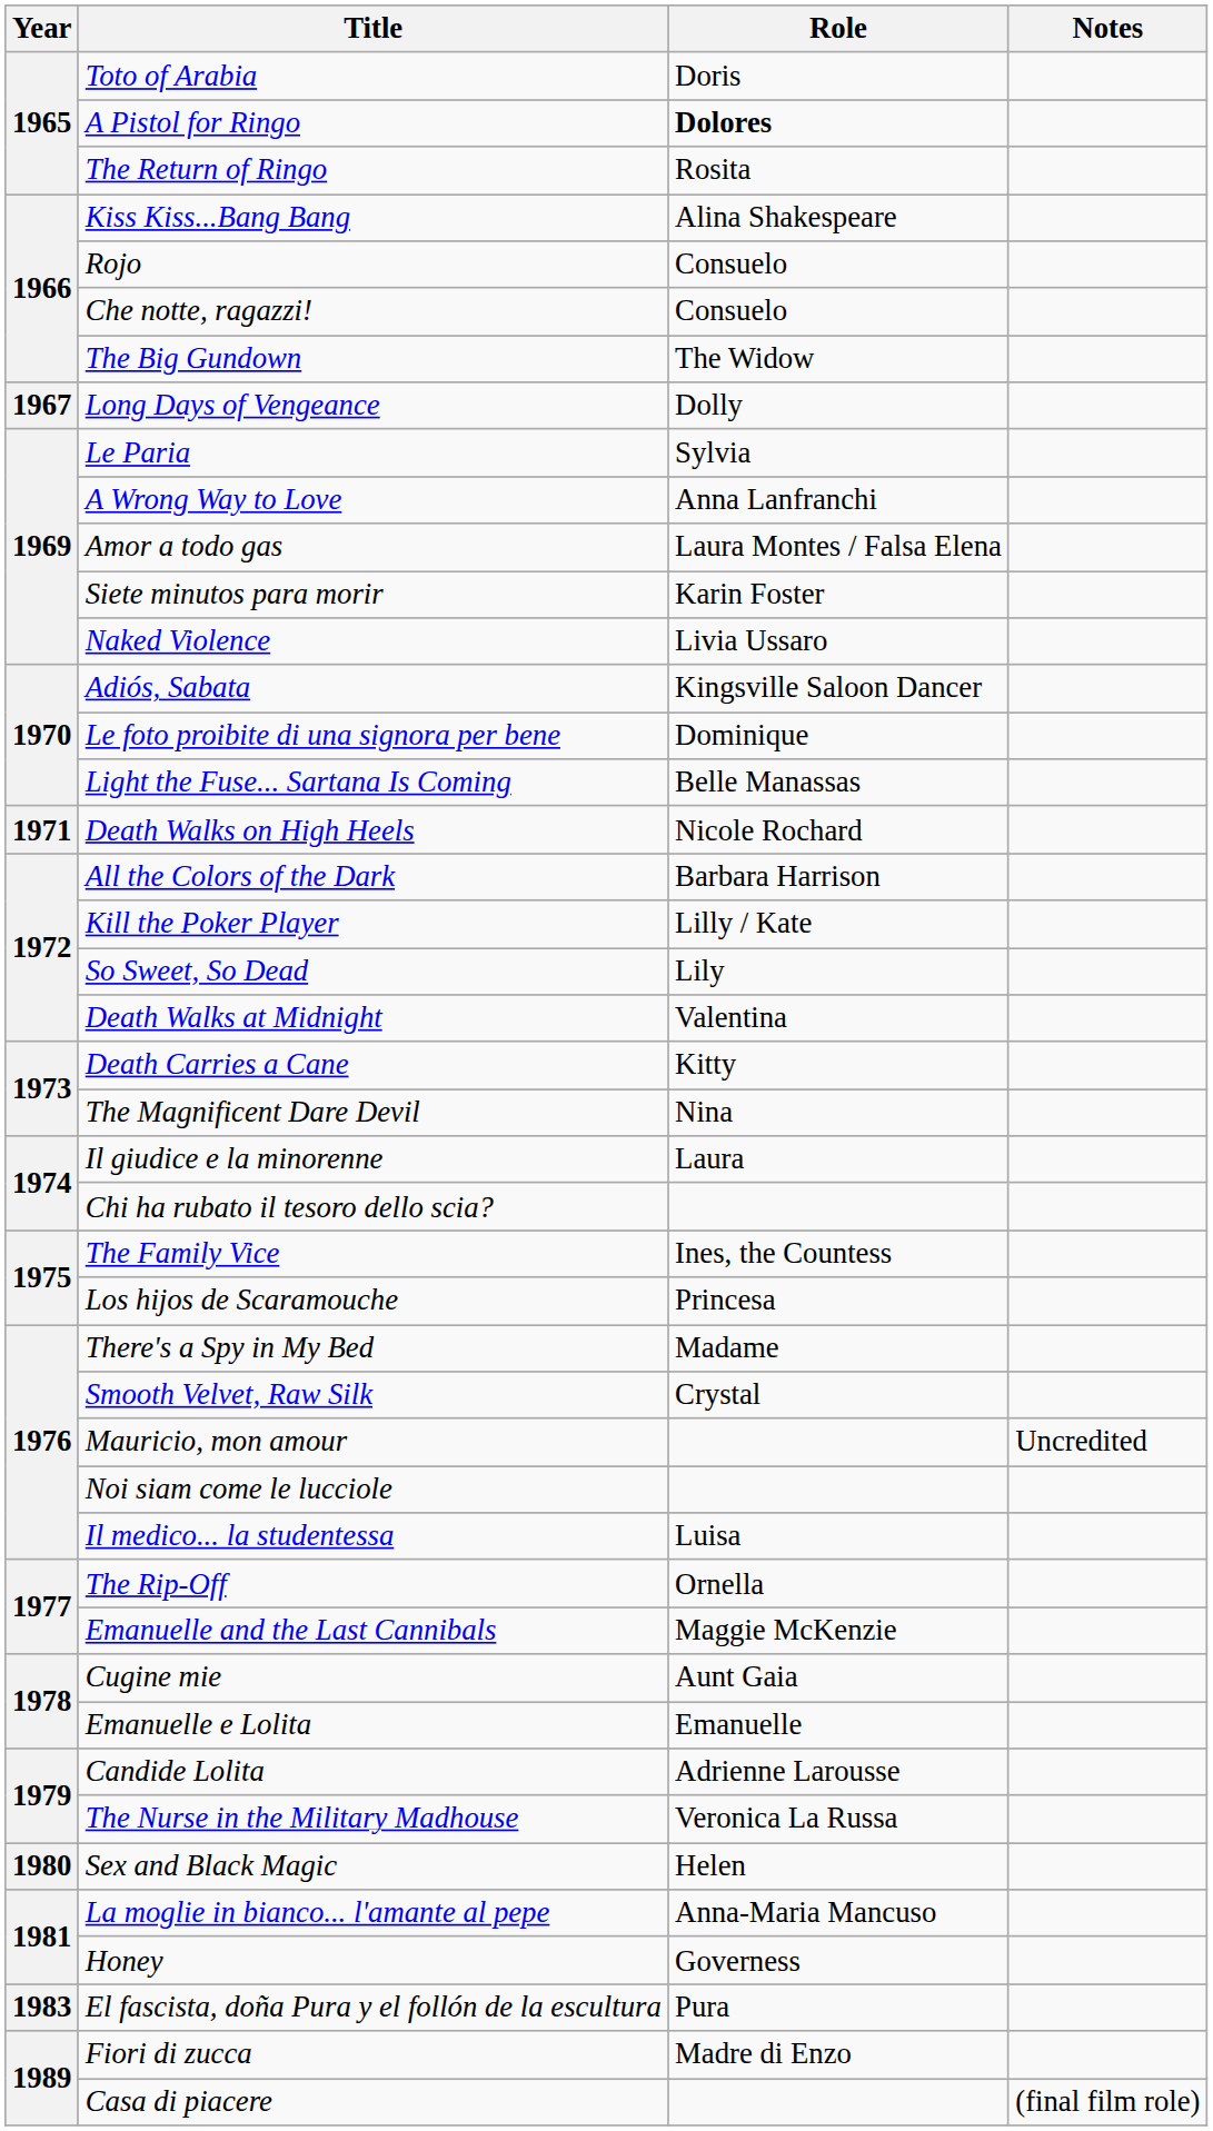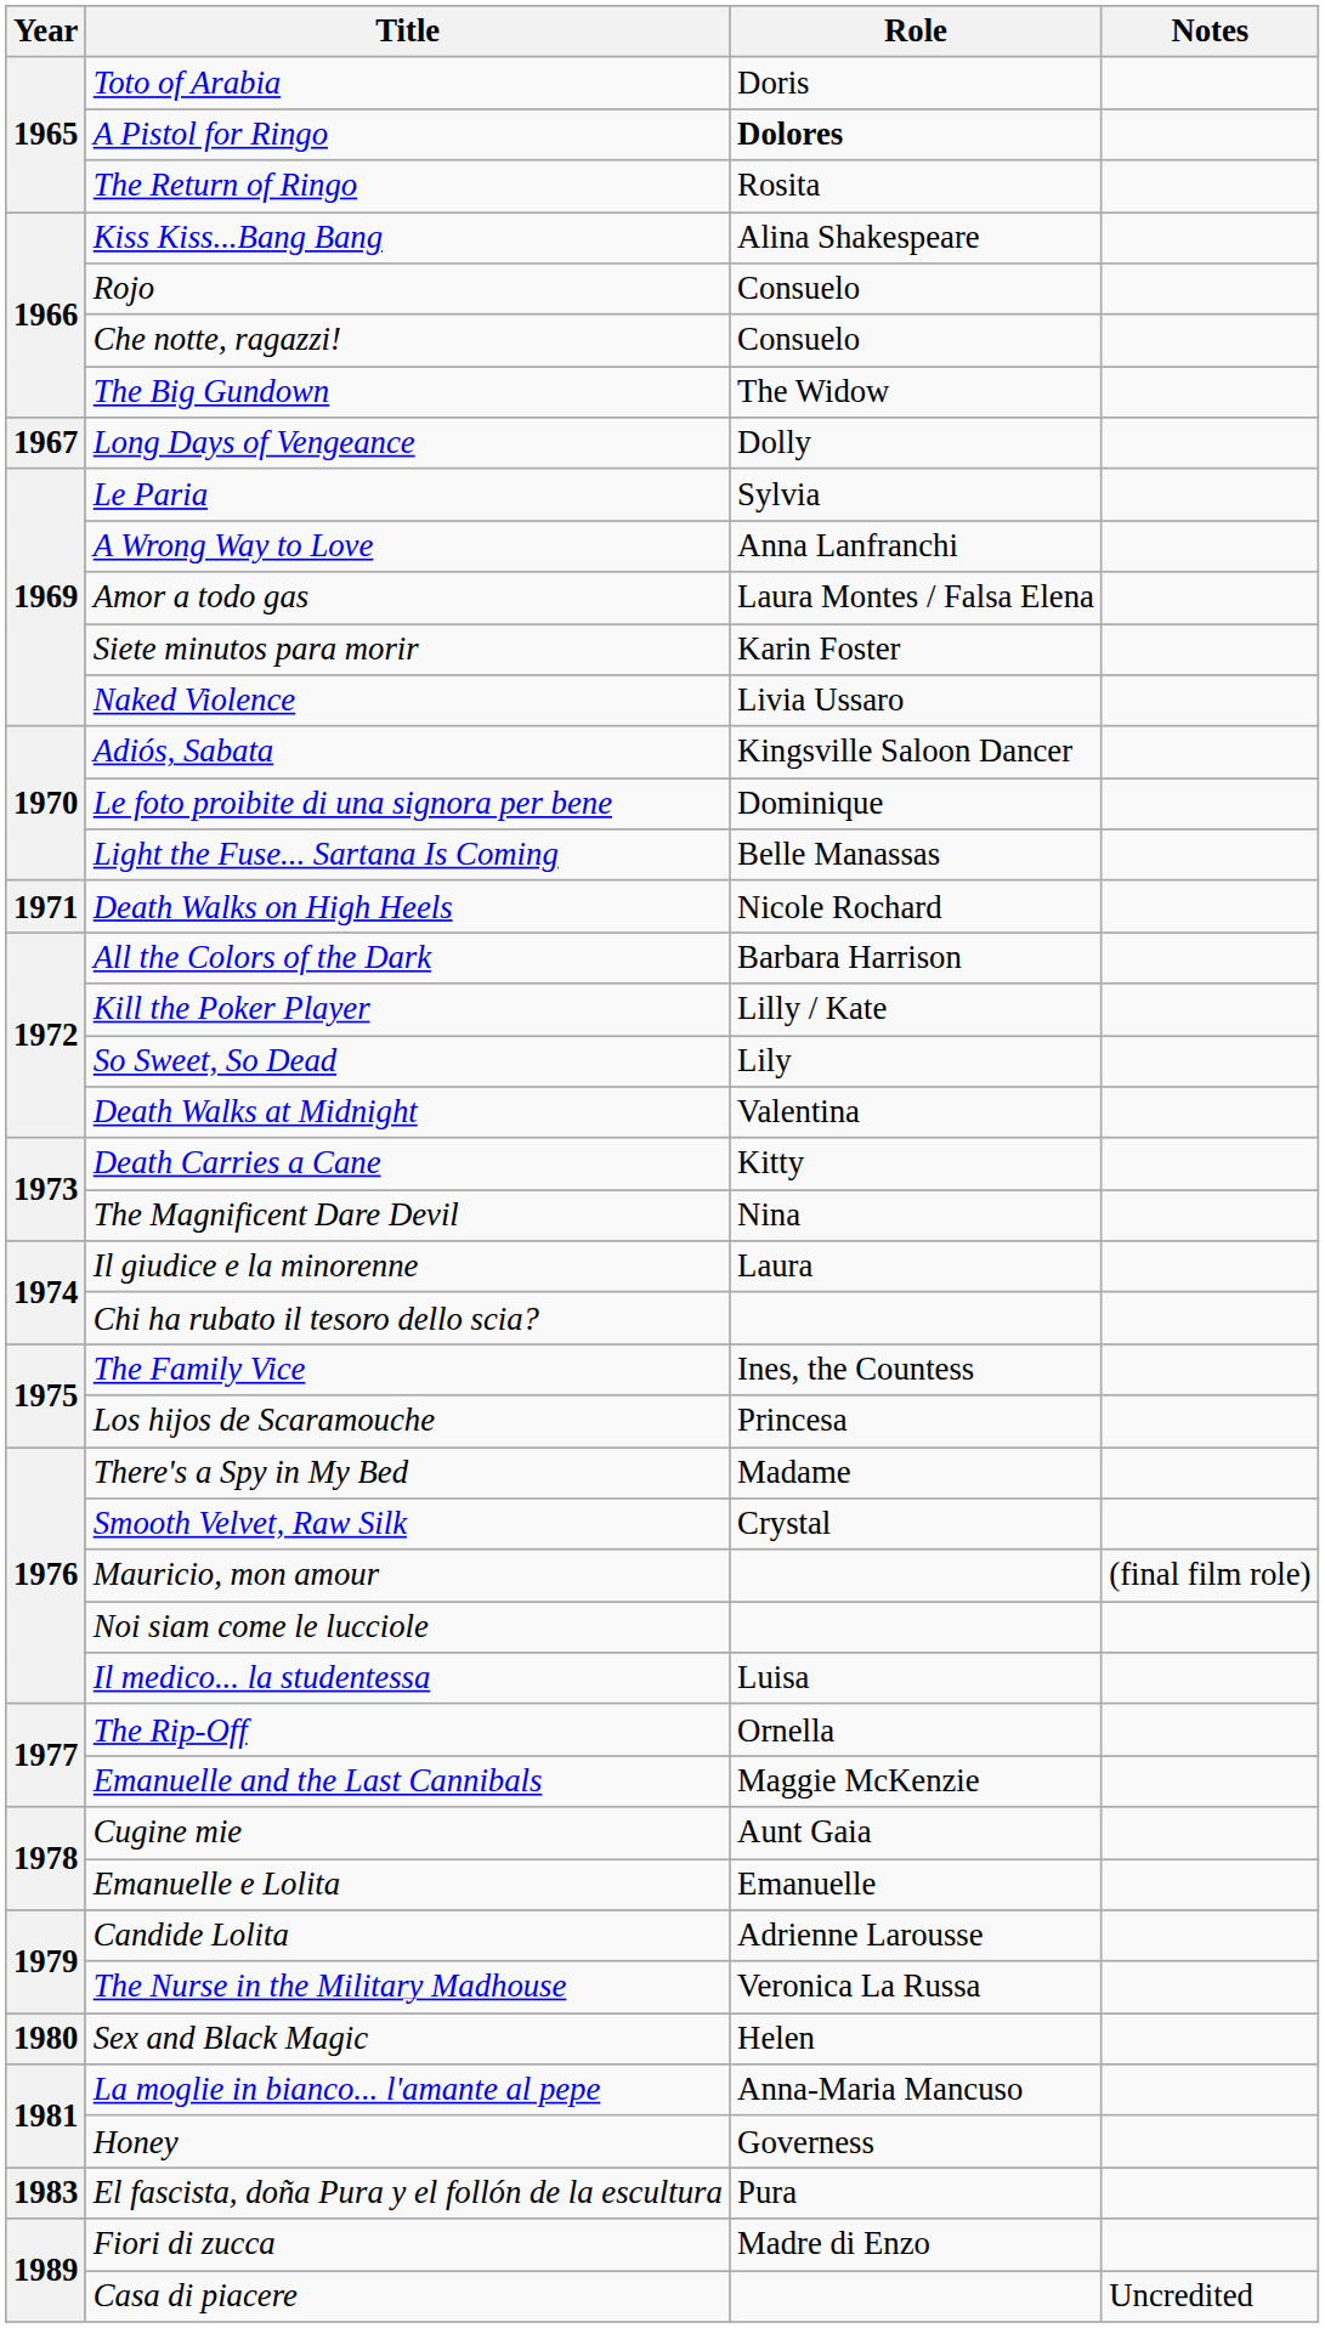 <table class="wikitable">
 <tr>
 <th scope="col">Year</th>
 <th scope="col">Title</th>
 <th scope="col">Role</th>
 <th scope="col">Notes</th>
 </tr>
 <tr>
 <th scope="row" rowspan="3">1965</th>
 <td><em><a href='#'>Toto of Arabia</a></em></td>
 <td>Doris</td>
 <td></td>
 </tr>
 <tr>
 <td><em><a href='#'>A Pistol for Ringo</a></em></td>
 <td><strong>Dolores</strong></td>
 <td></td>
 </tr>
 <tr>
 <td><em><a href='#'>The Return of Ringo</a></em></td>
 <td>Rosita</td>
 <td></td>
 </tr>
 <tr>
 <th scope="row" rowspan="4">1966</th>
 <td><em><a href='#'>Kiss Kiss...Bang Bang</a></em></td>
 <td>Alina Shakespeare</td>
 <td></td>
 </tr>
 <tr>
 <td><em>Rojo</em></td>
 <td>Consuelo</td>
 <td></td>
 </tr>
 <tr>
 <td><em>Che notte, ragazzi!</em></td>
 <td>Consuelo</td>
 <td></td>
 </tr>
 <tr>
 <td><em><a href='#'>The Big Gundown</a></em></td>
 <td>The Widow</td>
 <td></td>
 </tr>
 <tr>
 <th scope="row">1967</th>
 <td><em><a href='#'>Long Days of Vengeance</a></em></td>
 <td>Dolly</td>
 <td></td>
 </tr>
 <tr>
 <th scope="row" rowspan="5">1969</th>
 <td><em><a href='#'>Le Paria</a></em></td>
 <td>Sylvia</td>
 <td></td>
 </tr>
 <tr>
 <td><em><a href='#'>A Wrong Way to Love</a></em></td>
 <td>Anna Lanfranchi</td>
 <td></td>
 </tr>
 <tr>
 <td><em>Amor a todo gas</em></td>
 <td>Laura Montes / Falsa Elena</td>
 <td></td>
 </tr>
 <tr>
 <td><em>Siete minutos para morir</em></td>
 <td>Karin Foster</td>
 <td></td>
 </tr>
 <tr>
 <td><em><a href='#'>Naked Violence</a></em></td>
 <td>Livia Ussaro</td>
 <td></td>
 </tr>
 <tr>
 <th scope="row" rowspan="3">1970</th>
 <td><em><a href='#'>Adiós, Sabata</a></em></td>
 <td>Kingsville Saloon Dancer</td>
 <td></td>
 </tr>
 <tr>
 <td><em><a href='#'>Le foto proibite di una signora per bene</a></em></td>
 <td>Dominique</td>
 <td></td>
 </tr>
 <tr>
 <td><em><a href='#'>Light the Fuse... Sartana Is Coming</a></em></td>
 <td>Belle Manassas</td>
 <td></td>
 </tr>
 <tr>
 <th scope="row">1971</th>
 <td><em><a href='#'>Death Walks on High Heels</a></em></td>
 <td>Nicole Rochard</td>
 <td></td>
 </tr>
 <tr>
 <th scope="row" rowspan="4">1972</th>
 <td><em><a href='#'>All the Colors of the Dark</a></em></td>
 <td>Barbara Harrison</td>
 <td></td>
 </tr>
 <tr>
 <td><em><a href='#'>Kill the Poker Player</a></em></td>
 <td>Lilly / Kate</td>
 <td></td>
 </tr>
 <tr>
 <td><em><a href='#'>So Sweet, So Dead</a></em></td>
 <td>Lily</td>
 <td></td>
 </tr>
 <tr>
 <td><em><a href='#'>Death Walks at Midnight</a></em></td>
 <td>Valentina</td>
 <td></td>
 </tr>
 <tr>
 <th scope="row" rowspan="2">1973</th>
 <td><em><a href='#'>Death Carries a Cane</a></em></td>
 <td>Kitty</td>
 <td></td>
 </tr>
 <tr>
 <td><em>The Magnificent Dare Devil</em></td>
 <td>Nina</td>
 <td></td>
 </tr>
 <tr>
 <th scope="row" rowspan="2">1974</th>
 <td><em>Il giudice e la minorenne</em></td>
 <td>Laura</td>
 <td></td>
 </tr>
 <tr>
 <td><em>Chi ha rubato il tesoro dello scia?</em></td>
 <td></td>
 <td></td>
 </tr>
 <tr>
 <th scope="row" rowspan="2">1975</th>
 <td><em><a href='#'>The Family Vice</a></em></td>
 <td>Ines, the Countess</td>
 <td></td>
 </tr>
 <tr>
 <td><em>Los hijos de Scaramouche</em></td>
 <td>Princesa</td>
 <td></td>
 </tr>
 <tr>
 <th scope="row" rowspan="5">1976</th>
 <td><em>There's a Spy in My Bed</em></td>
 <td>Madame</td>
 <td></td>
 </tr>
 <tr>
 <td><em><a href='#'>Smooth Velvet, Raw Silk</a></em></td>
 <td>Crystal</td>
 <td></td>
 </tr>
 <tr>
 <td><em>Mauricio, mon amour</em></td>
 <td></td>
-<td>Uncredited</td>
+<td>(final film role)</td>
 </tr>
 <tr>
 <td><em>Noi siam come le lucciole</em></td>
 <td></td>
 <td></td>
 </tr>
 <tr>
 <td><em><a href='#'>Il medico... la studentessa</a></em></td>
 <td>Luisa</td>
 <td></td>
 </tr>
 <tr>
 <th scope="row" rowspan="2">1977</th>
 <td><em><a href='#'>The Rip-Off</a></em></td>
 <td>Ornella</td>
 <td></td>
 </tr>
 <tr>
 <td><em><a href='#'>Emanuelle and the Last Cannibals</a></em></td>
 <td>Maggie McKenzie</td>
 <td></td>
 </tr>
 <tr>
 <th scope="row" rowspan="2">1978</th>
 <td><em>Cugine mie</em></td>
 <td>Aunt Gaia</td>
 <td></td>
 </tr>
 <tr>
 <td><em>Emanuelle e Lolita</em></td>
 <td>Emanuelle</td>
 <td></td>
 </tr>
 <tr>
 <th scope="row" rowspan="2">1979</th>
 <td><em>Candide Lolita</em></td>
 <td>Adrienne Larousse</td>
 <td></td>
 </tr>
 <tr>
 <td><em><a href='#'>The Nurse in the Military Madhouse</a></em></td>
 <td>Veronica La Russa</td>
 <td></td>
 </tr>
 <tr>
 <th scope="row">1980</th>
 <td><em>Sex and Black Magic</em></td>
 <td>Helen</td>
 <td></td>
 </tr>
 <tr>
 <th scope="row" rowspan="2">1981</th>
 <td><em><a href='#'>La moglie in bianco... l'amante al pepe</a></em></td>
 <td>Anna-Maria Mancuso</td>
 <td></td>
 </tr>
 <tr>
 <td><em>Honey</em></td>
 <td>Governess</td>
 <td></td>
 </tr>
 <tr>
 <th scope="row">1983</th>
 <td><em>El fascista, doña Pura y el follón de la escultura</em></td>
 <td>Pura</td>
 <td></td>
 </tr>
 <tr>
 <th scope="row" rowspan="2">1989</th>
 <td><em>Fiori di zucca</em></td>
 <td>Madre di Enzo</td>
 <td></td>
 </tr>
 <tr>
 <td><em>Casa di piacere</em></td>
 <td></td>
-<td>(final film role)</td>
+<td>Uncredited</td>
 </tr>
 </table>
